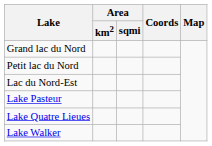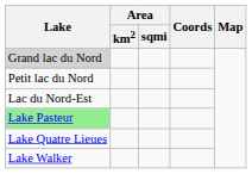 <table class="wikitable sortable">
 <tr>
 <th rowspan=2>Lake</th>
 <th colspan=2>Area</th>
 <th rowspan=2>Coords</th>
 <th rowspan=2>Map</th>
 </tr>
 <tr>
 <th>km<sup>2</sup></th>
 <th>sqmi</th>
 </tr>
 <tr>
-<td>Grand lac du Nord</td>
+<td style="background: lightgrey;">Grand lac du Nord</td>
 <td></td>
 <td></td>
 <td></td>
 </tr>
 <tr>
 <td>Petit lac du Nord</td>
 <td></td>
 <td></td>
 <td></td>
 </tr>
 <tr>
 <td>Lac du Nord-Est</td>
 <td></td>
 <td></td>
 <td></td>
 </tr>
 <tr>
-<td><a href='#'>Lake Pasteur</a></td>
+<td style="background: lightgreen;"><a href='#'>Lake Pasteur</a></td>
 <td></td>
 <td></td>
 <td></td>
 </tr>
 <tr>
 <td><a href='#'>Lake Quatre Lieues</a></td>
 <td></td>
 <td></td>
 <td></td>
 </tr>
 <tr>
 <td><a href='#'>Lake Walker</a></td>
 <td></td>
 <td></td>
 <td></td>
 </tr>
 </table>
